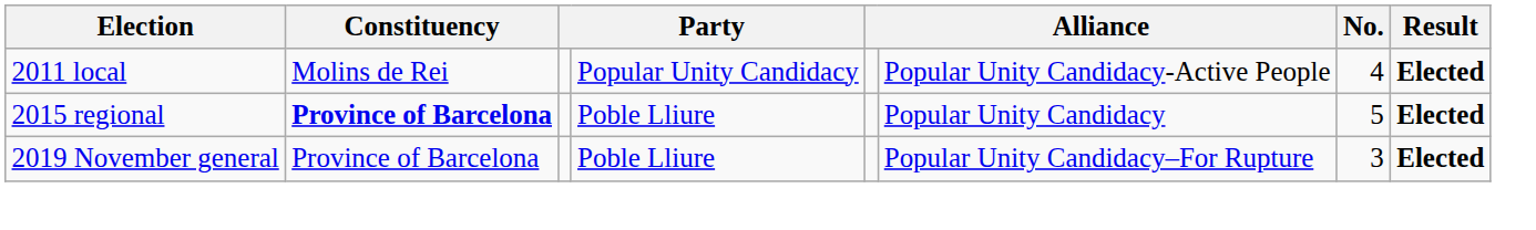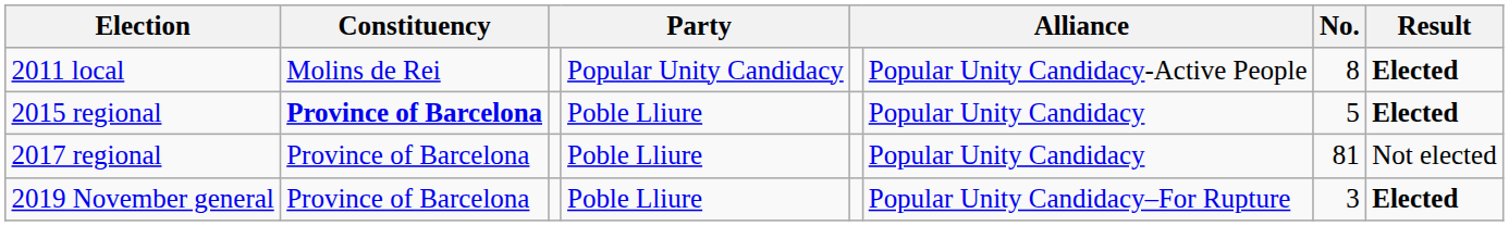 <table class="wikitable" style="text-align:left;">
 <tr>
 <th scope=col>Election</th>
 <th scope=col>Constituency</th>
 <th scope=col colspan="2">Party</th>
 <th scope=col colspan="2">Alliance</th>
 <th scope=col>No.</th>
 <th scope=col>Result</th>
 </tr>
 <tr>
 <td><a href='#'>2011 local</a></td>
 <td><a href='#'>Molins de Rei</a></td>
 <td style="background:"></td>
 <td><a href='#'>Popular Unity Candidacy</a></td>
 <td style="background:"></td>
 <td><a href='#'>Popular Unity Candidacy</a>-Active People</td>
-<td align=right>4</td>
+<td align=right>8</td>
 <td><strong>Elected</strong></td>
 </tr>
 <tr>
 <td><a href='#'>2015 regional</a></td>
 <td><strong><a href='#'>Province of Barcelona</a></strong></td>
 <td style="background:"></td>
 <td><a href='#'>Poble Lliure</a></td>
 <td style="background:"></td>
 <td><a href='#'>Popular Unity Candidacy</a></td>
 <td align=right>5</td>
 <td><strong>Elected</strong></td>
 </tr>
 <tr>
+<td><a href='#'>2017 regional</a></td>
+<td><a href='#'>Province of Barcelona</a></td>
+<td style="background:"></td>
+<td><a href='#'>Poble Lliure</a></td>
+<td style="background:"></td>
+<td><a href='#'>Popular Unity Candidacy</a></td>
+<td align=right>81</td>
+<td>Not elected</td>
+</tr>
+<tr>
 <td><a href='#'>2019 November general</a></td>
 <td><a href='#'>Province of Barcelona</a></td>
 <td style="background:"></td>
 <td><a href='#'>Poble Lliure</a></td>
 <td style="background:"></td>
 <td><a href='#'>Popular Unity Candidacy–For Rupture</a></td>
 <td align=right>3</td>
 <td><strong>Elected</strong></td>
 </tr>
 </table>
